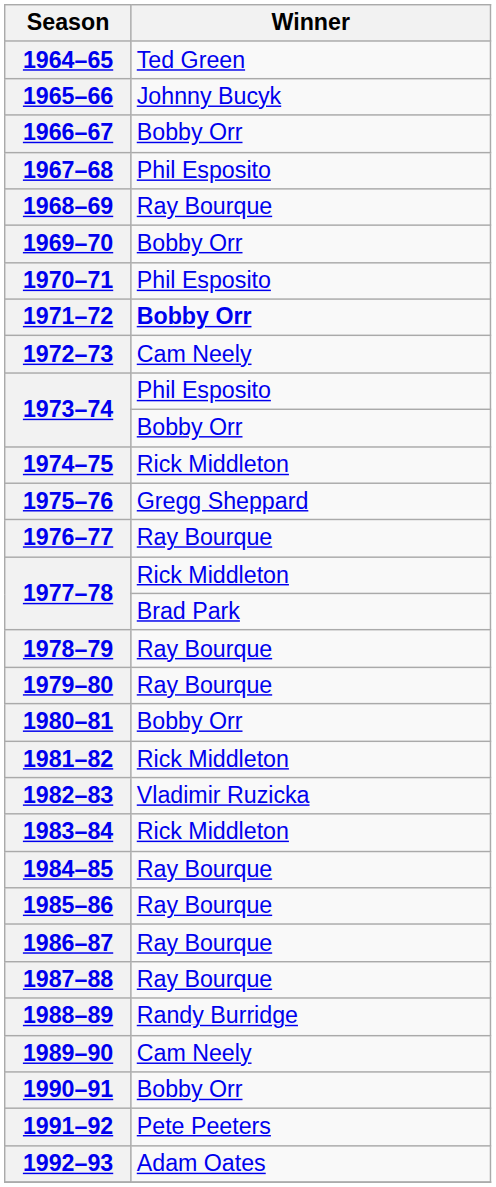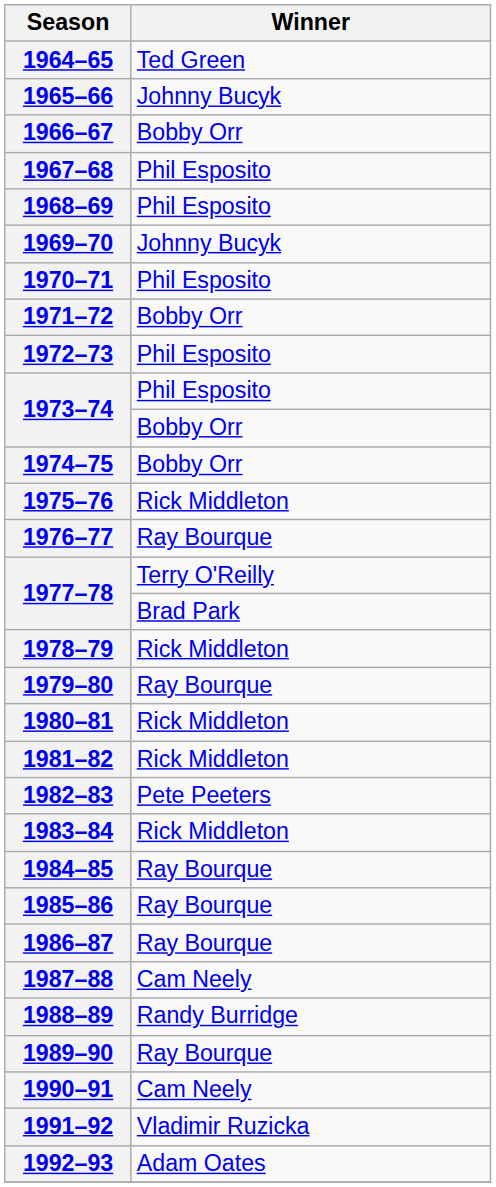 <table class="wikitable">
 <tr>
 <th scope="col" style="width:5em">Season</th>
 <th scope="col" style="width:15em">Winner</th>
 </tr>
 <tr>
 <th scope="row"><a href='#'>1964–65</a></th>
 <td><a href='#'>Ted Green</a></td>
 </tr>
 <tr>
 <th scope="row"><a href='#'>1965–66</a></th>
 <td><a href='#'>Johnny Bucyk</a></td>
 </tr>
 <tr>
 <th scope="row"><a href='#'>1966–67</a></th>
 <td><a href='#'>Bobby Orr</a></td>
 </tr>
 <tr>
 <th scope="row"><a href='#'>1967–68</a></th>
 <td><a href='#'>Phil Esposito</a></td>
 </tr>
 <tr>
 <th scope="row"><a href='#'>1968–69</a></th>
-<td><a href='#'>Ray Bourque</a></td>
+<td><a href='#'>Phil Esposito</a></td>
 </tr>
 <tr>
 <th scope="row"><a href='#'>1969–70</a></th>
-<td><a href='#'>Bobby Orr</a></td>
+<td><a href='#'>Johnny Bucyk</a></td>
 </tr>
 <tr>
 <th scope="row"><a href='#'>1970–71</a></th>
 <td><a href='#'>Phil Esposito</a></td>
 </tr>
 <tr>
 <th scope="row"><a href='#'>1971–72</a></th>
-<td><strong><a href='#'>Bobby Orr</a></strong></td>
+<td><a href='#'>Bobby Orr</a></td>
 </tr>
 <tr>
 <th scope="row"><a href='#'>1972–73</a></th>
-<td><a href='#'>Cam Neely</a></td>
+<td><a href='#'>Phil Esposito</a></td>
 </tr>
 <tr>
 <th scope="row" rowspan="2"><a href='#'>1973–74</a></th>
 <td><a href='#'>Phil Esposito</a></td>
 </tr>
 <tr>
 <td><a href='#'>Bobby Orr</a></td>
 </tr>
 <tr>
 <th scope="row"><a href='#'>1974–75</a></th>
-<td><a href='#'>Rick Middleton</a></td>
+<td><a href='#'>Bobby Orr</a></td>
 </tr>
 <tr>
 <th scope="row"><a href='#'>1975–76</a></th>
-<td><a href='#'>Gregg Sheppard</a></td>
+<td><a href='#'>Rick Middleton</a></td>
 </tr>
 <tr>
 <th scope="row"><a href='#'>1976–77</a></th>
 <td><a href='#'>Ray Bourque</a></td>
 </tr>
 <tr>
 <th scope="row" rowspan="2"><a href='#'>1977–78</a></th>
-<td><a href='#'>Rick Middleton</a></td>
+<td><a href='#'>Terry O'Reilly</a></td>
 </tr>
 <tr>
 <td><a href='#'>Brad Park</a></td>
 </tr>
 <tr>
 <th scope="row"><a href='#'>1978–79</a></th>
-<td><a href='#'>Ray Bourque</a></td>
+<td><a href='#'>Rick Middleton</a></td>
 </tr>
 <tr>
 <th scope="row"><a href='#'>1979–80</a></th>
 <td><a href='#'>Ray Bourque</a></td>
 </tr>
 <tr>
 <th scope="row"><a href='#'>1980–81</a></th>
-<td><a href='#'>Bobby Orr</a></td>
+<td><a href='#'>Rick Middleton</a></td>
 </tr>
 <tr>
 <th scope="row"><a href='#'>1981–82</a></th>
 <td><a href='#'>Rick Middleton</a></td>
 </tr>
 <tr>
 <th scope="row"><a href='#'>1982–83</a></th>
-<td><a href='#'>Vladimir Ruzicka</a></td>
+<td><a href='#'>Pete Peeters</a></td>
 </tr>
 <tr>
 <th scope="row"><a href='#'>1983–84</a></th>
 <td><a href='#'>Rick Middleton</a></td>
 </tr>
 <tr>
 <th scope="row"><a href='#'>1984–85</a></th>
 <td><a href='#'>Ray Bourque</a></td>
 </tr>
 <tr>
 <th scope="row"><a href='#'>1985–86</a></th>
 <td><a href='#'>Ray Bourque</a></td>
 </tr>
 <tr>
 <th scope="row"><a href='#'>1986–87</a></th>
 <td><a href='#'>Ray Bourque</a></td>
 </tr>
 <tr>
 <th scope="row"><a href='#'>1987–88</a></th>
-<td><a href='#'>Ray Bourque</a></td>
+<td><a href='#'>Cam Neely</a></td>
 </tr>
 <tr>
 <th scope="row"><a href='#'>1988–89</a></th>
 <td><a href='#'>Randy Burridge</a></td>
 </tr>
 <tr>
 <th scope="row"><a href='#'>1989–90</a></th>
+<td><a href='#'>Ray Bourque</a></td>
+</tr>
+<tr>
+<th scope="row"><a href='#'>1990–91</a></th>
 <td><a href='#'>Cam Neely</a></td>
 </tr>
 <tr>
-<th scope="row"><a href='#'>1990–91</a></th>
-<td><a href='#'>Bobby Orr</a></td>
-</tr>
-<tr>
 <th scope="row"><a href='#'>1991–92</a></th>
-<td><a href='#'>Pete Peeters</a></td>
+<td><a href='#'>Vladimir Ruzicka</a></td>
 </tr>
 <tr>
 <th scope="row"><a href='#'>1992–93</a></th>
 <td><a href='#'>Adam Oates</a></td>
 </tr>
 <tr>
 </tr>
 </table>
